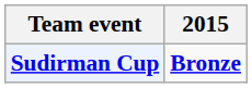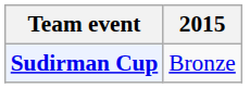 <table class="wikitable" style="font-size: 90%; text-align:center">
 <tr>
 <th>Team event</th>
 <th>2015</th>
 </tr>
 <tr>
 <td bgcolor="#ECF2FF"; align="left"><strong><a href='#'>Sudirman Cup</a></strong></td>
-<td><strong> <a href='#'>Bronze</a></strong></td>
+<td> <a href='#'>Bronze</a></td>
 </tr>
 </table>
